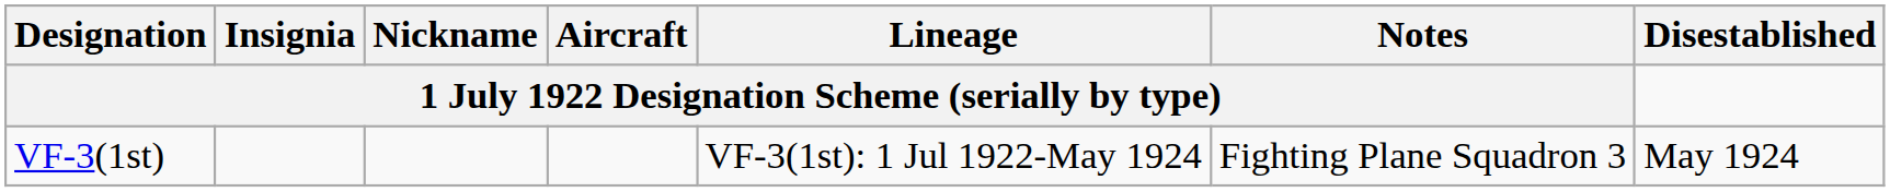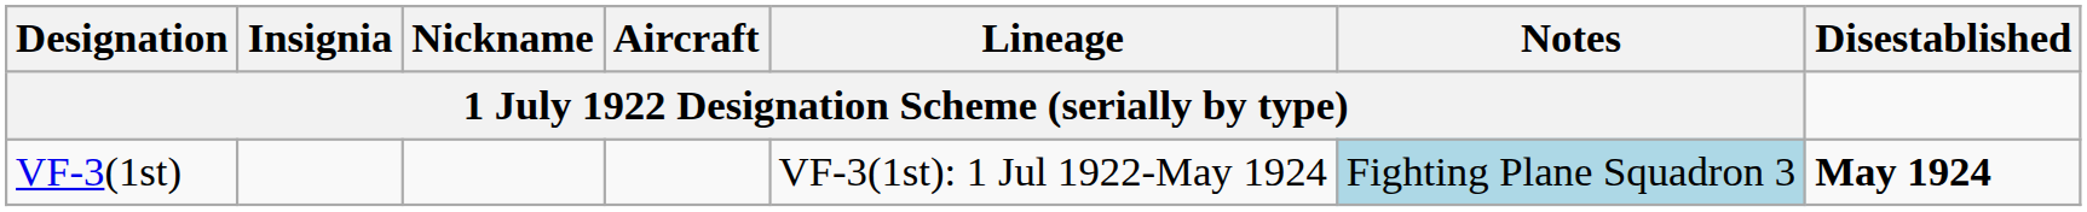 <table class="wikitable">
 <tr>
 <th>Designation</th>
 <th>Insignia</th>
 <th>Nickname</th>
 <th>Aircraft</th>
 <th>Lineage</th>
 <th>Notes</th>
 <th>Disestablished</th>
 </tr>
 <tr>
 <th colspan=6>1 July 1922 Designation Scheme (serially by type)</th>
 </tr>
 <tr>
 <td><a href='#'>VF-3</a>(1st)</td>
 <td></td>
 <td></td>
 <td></td>
 <td style="white-space: nowrap;">VF-3(1st): 1 Jul 1922-May 1924</td>
-<td>Fighting Plane Squadron 3</td>
-<td>May 1924</td>
+<td style="background: lightblue;">Fighting Plane Squadron 3</td>
+<td><strong>May 1924</strong></td>
 </tr>
 </table>
